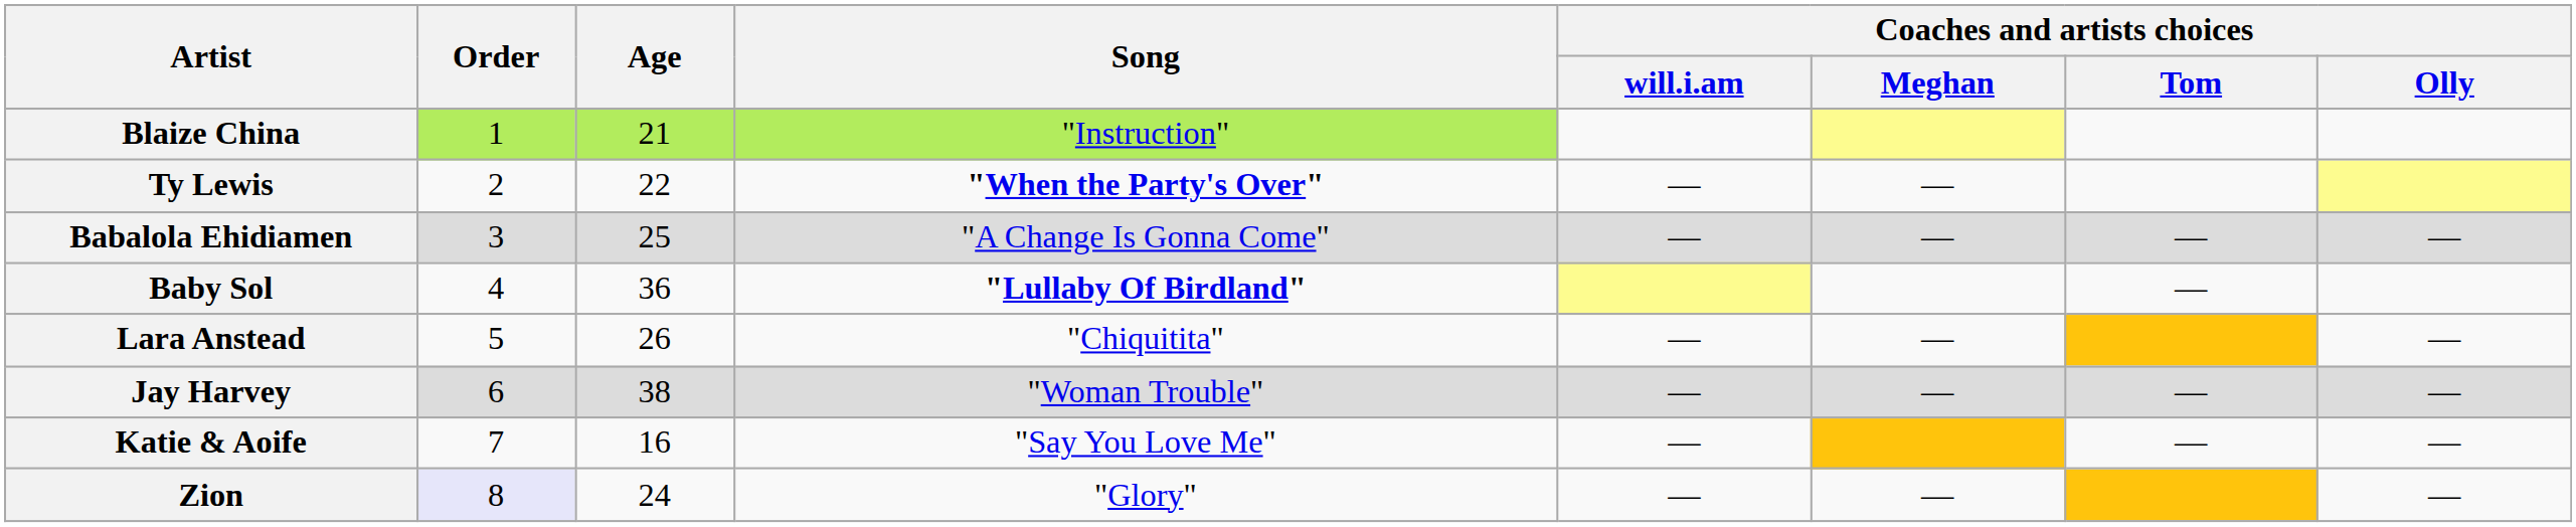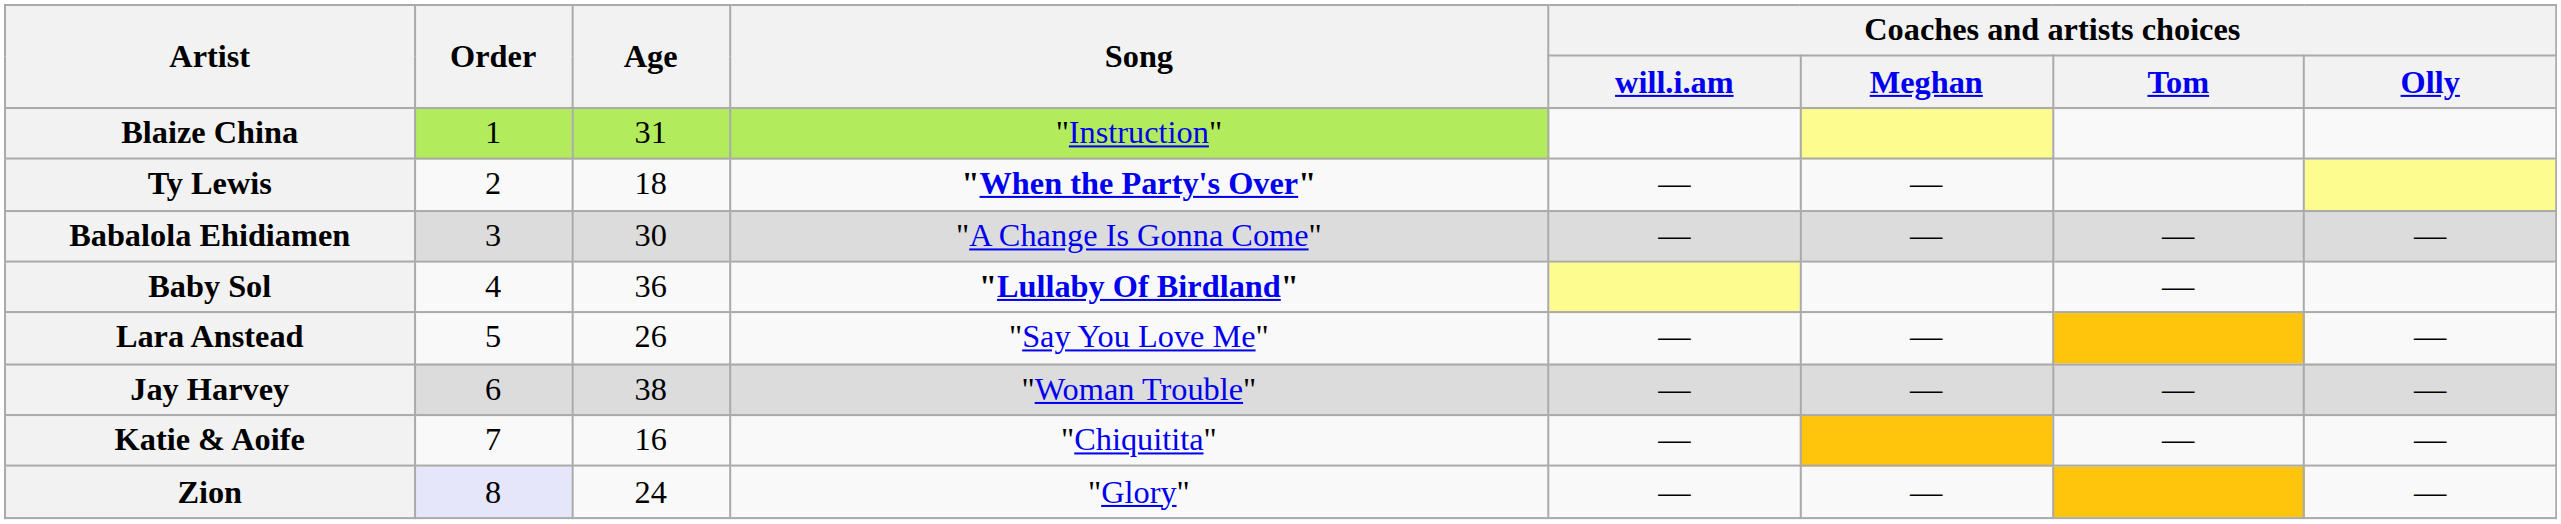 <table class="wikitable" style="text-align:center; width:100%;">
 <tr>
 <th rowspan="2" scope="col" style="width:13%;">Artist</th>
 <th rowspan="2" scope="col" style="width:05%;">Order</th>
 <th rowspan="2" scope="col" style="width:05%;">Age</th>
 <th rowspan="2" scope="col" style="width:26%;">Song</th>
 <th colspan="4" style="width:40%;">Coaches and artists choices</th>
 </tr>
 <tr>
 <th style="width:8%;"><a href='#'>will.i.am</a></th>
 <th style="width:8%;"><a href='#'>Meghan</a></th>
 <th style="width:8%;"><a href='#'>Tom</a></th>
 <th style="width:8%;"><a href='#'>Olly</a></th>
 </tr>
 <tr>
 <th scope="row">Blaize China</th>
 <td style="background-color:#B2EC5D;">1</td>
-<td style="background-color:#B2EC5D;">21</td>
+<td style="background-color:#B2EC5D;">31</td>
 <td style="background-color:#B2EC5D;">"<a href='#'>Instruction</a>"</td>
 <td><strong></strong></td>
 <td style="background:#fdfc8f;"><strong></strong></td>
 <td><strong></strong></td>
 <td><strong></strong></td>
 </tr>
 <tr>
 <th scope="row">Ty Lewis</th>
 <td>2</td>
-<td>22</td>
+<td>18</td>
 <td><strong>"<a href='#'>When the Party's Over</a>"</strong></td>
 <td>—</td>
 <td>—</td>
 <td><strong></strong></td>
 <td style="background:#fdfc8f;"><strong></strong></td>
 </tr>
 <tr style="background:#DCDCDC;">
 <th scope="row">Babalola Ehidiamen</th>
 <td>3</td>
-<td>25</td>
+<td>30</td>
 <td>"<a href='#'>A Change Is Gonna Come</a>"</td>
 <td>—</td>
 <td>—</td>
 <td>—</td>
 <td>—</td>
 </tr>
 <tr>
 <th scope="row">Baby Sol</th>
 <td>4</td>
 <td>36</td>
 <td><strong>"<a href='#'>Lullaby Of Birdland</a>"</strong></td>
 <td style="background:#fdfc8f;"><strong></strong></td>
 <td><strong></strong></td>
 <td>—</td>
 <td><strong></strong></td>
 </tr>
 <tr>
 <th scope="row">Lara Anstead</th>
 <td>5</td>
 <td>26</td>
-<td>"<a href='#'>Chiquitita</a>"</td>
+<td>"<a href='#'>Say You Love Me</a>"</td>
 <td>—</td>
 <td>—</td>
 <td style="background:#FFC40C;text-align:center;"><strong></strong></td>
 <td>—</td>
 </tr>
 <tr style="background:#DCDCDC;">
 <th scope="row">Jay Harvey</th>
 <td>6</td>
 <td>38</td>
 <td>"<a href='#'>Woman Trouble</a>"</td>
 <td>—</td>
 <td>—</td>
 <td>—</td>
 <td>—</td>
 </tr>
 <tr>
 <th scope="row">Katie & Aoife</th>
 <td>7</td>
 <td>16</td>
-<td>"<a href='#'>Say You Love Me</a>"</td>
+<td>"<a href='#'>Chiquitita</a>"</td>
 <td>—</td>
 <td style="background:#FFC40C;text-align:center;"><strong></strong></td>
 <td>—</td>
 <td>—</td>
 </tr>
 <tr>
 <th scope="row">Zion</th>
 <td style="background: lavender;">8</td>
 <td>24</td>
 <td>"<a href='#'>Glory</a>"</td>
 <td>—</td>
 <td>—</td>
 <td style="background:#FFC40C;text-align:center;"><strong></strong></td>
 <td>—</td>
 </tr>
 </table>
